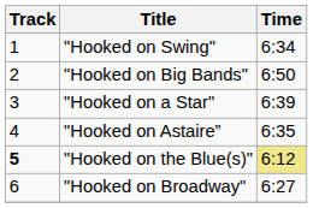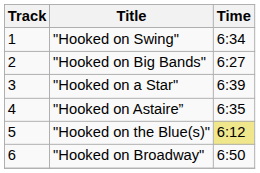 <table class="wikitable">
 <tr>
 <th>Track</th>
 <th>Title</th>
 <th>Time</th>
 </tr>
 <tr>
 <td>1</td>
 <td>"Hooked on Swing"</td>
 <td>6:34</td>
 </tr>
 <tr>
 <td>2</td>
 <td>"Hooked on Big Bands"</td>
-<td>6:50</td>
+<td>6:27</td>
 </tr>
 <tr>
 <td>3</td>
 <td>"Hooked on a Star"</td>
 <td>6:39</td>
 </tr>
 <tr>
 <td>4</td>
 <td>"Hooked on Astaire”</td>
 <td>6:35</td>
 </tr>
 <tr>
-<td><strong>5</strong></td>
+<td>5</td>
 <td>"Hooked on the Blue(s)"</td>
 <td style="background: khaki;">6:12</td>
 </tr>
 <tr>
 <td>6</td>
 <td>"Hooked on Broadway"</td>
-<td>6:27</td>
+<td>6:50</td>
 </tr>
 <tr>
 </tr>
 </table>
